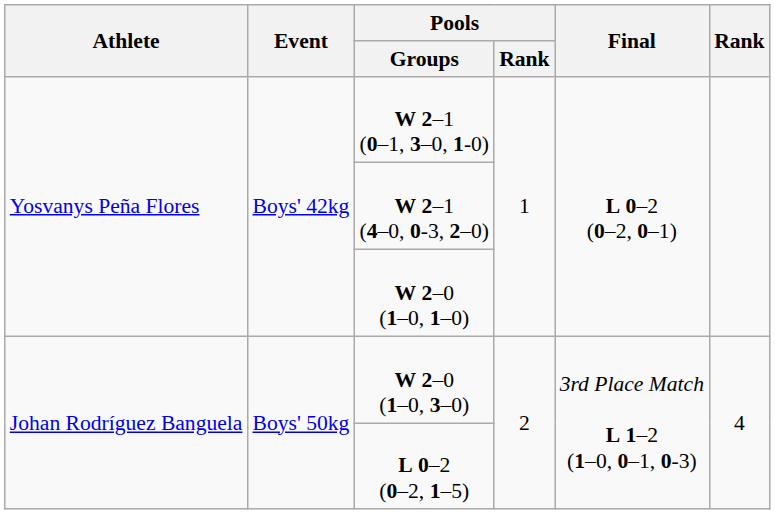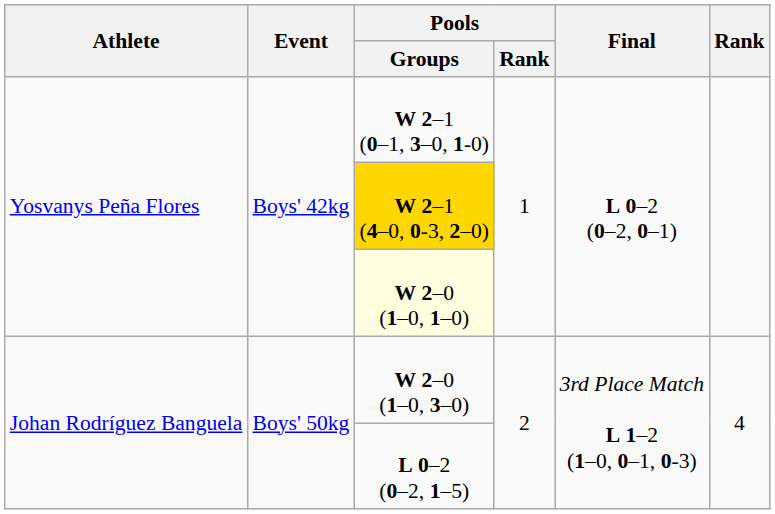 <table class="wikitable" style="text-align:left; font-size:90%">
 <tr>
 <th rowspan="2">Athlete</th>
 <th rowspan="2">Event</th>
 <th colspan="2">Pools</th>
 <th rowspan="2">Final</th>
 <th rowspan="2">Rank</th>
 </tr>
 <tr>
 <th>Groups</th>
 <th>Rank</th>
 </tr>
 <tr>
 <td rowspan="3"><a href='#'>Yosvanys Peña Flores</a></td>
 <td rowspan="3"><a href='#'>Boys' 42kg</a></td>
 <td align=center><br><strong>W</strong> <strong>2</strong>–1<br>(<strong>0</strong>–1, <strong>3</strong>–0, <strong>1</strong>-0)</td>
 <td rowspan="3" align=center>1</td>
 <td align=center rowspan=3><br><strong>L</strong> <strong>0</strong>–2<br>(<strong>0</strong>–2, <strong>0</strong>–1)</td>
 <td rowspan="3" align="center"></td>
 </tr>
 <tr>
-<td align=center><br><strong>W</strong> <strong>2</strong>–1<br>(<strong>4</strong>–0, <strong>0</strong>-3, <strong>2</strong>–0)</td>
+<td align=center style="background: gold;"><br><strong>W</strong> <strong>2</strong>–1<br>(<strong>4</strong>–0, <strong>0</strong>-3, <strong>2</strong>–0)</td>
 </tr>
 <tr>
-<td align=center><br><strong>W</strong> <strong>2</strong>–0<br>(<strong>1</strong>–0, <strong>1</strong>–0)</td>
+<td align=center style="background: lightyellow;"><br><strong>W</strong> <strong>2</strong>–0<br>(<strong>1</strong>–0, <strong>1</strong>–0)</td>
 </tr>
 <tr>
 <td rowspan="2"><a href='#'>Johan Rodríguez Banguela</a></td>
 <td rowspan="2"><a href='#'>Boys' 50kg</a></td>
 <td align=center><br><strong>W</strong> <strong>2</strong>–0<br>(<strong>1</strong>–0, <strong>3</strong>–0)</td>
 <td rowspan="2" align=center>2</td>
 <td align=center rowspan=2><em>3rd Place Match</em><br><br><strong>L</strong> <strong>1</strong>–2<br>(<strong>1</strong>–0, <strong>0</strong>–1, <strong>0</strong>-3)</td>
 <td rowspan="2" align="center">4</td>
 </tr>
 <tr>
 <td align=center><br><strong>L</strong> <strong>0</strong>–2<br>(<strong>0</strong>–2, <strong>1</strong>–5)</td>
 </tr>
 </table>
